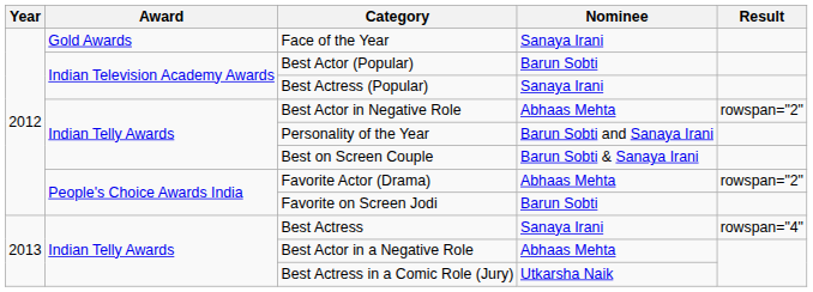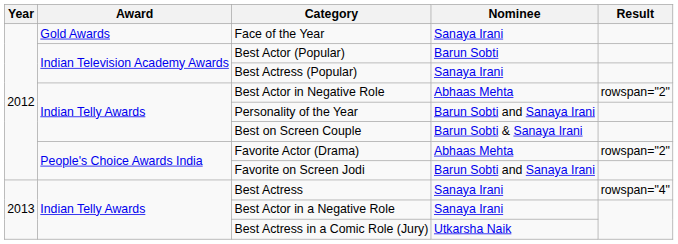 <table class="wikitable sortable">
 <tr>
 <th>Year</th>
 <th>Award</th>
 <th>Category</th>
 <th>Nominee</th>
 <th>Result</th>
 </tr>
 <tr>
 <td rowspan="8">2012</td>
 <td><a href='#'>Gold Awards</a></td>
 <td>Face of the Year</td>
 <td><a href='#'>Sanaya Irani</a></td>
 <td></td>
 </tr>
 <tr>
 <td rowspan="2"><a href='#'>Indian Television Academy Awards</a></td>
 <td>Best Actor (Popular)</td>
 <td><a href='#'>Barun Sobti</a></td>
 <td></td>
 </tr>
 <tr>
 <td>Best Actress (Popular)</td>
 <td><a href='#'>Sanaya Irani</a></td>
 <td></td>
 </tr>
 <tr>
 <td rowspan="3"><a href='#'>Indian Telly Awards</a></td>
 <td>Best Actor in Negative Role</td>
 <td><a href='#'>Abhaas Mehta</a></td>
 <td>rowspan="2" </td>
 </tr>
 <tr>
 <td>Personality of the Year</td>
 <td><a href='#'>Barun Sobti</a> and <a href='#'>Sanaya Irani</a></td>
 </tr>
 <tr>
 <td>Best on Screen Couple</td>
 <td><a href='#'>Barun Sobti</a> & <a href='#'>Sanaya Irani</a></td>
 <td></td>
 </tr>
 <tr>
 <td rowspan="2"><a href='#'>People's Choice Awards India</a></td>
 <td>Favorite Actor (Drama)</td>
 <td><a href='#'>Abhaas Mehta</a></td>
 <td>rowspan="2" </td>
 </tr>
 <tr>
 <td>Favorite on Screen Jodi</td>
-<td><a href='#'>Barun Sobti</a></td>
+<td><a href='#'>Barun Sobti</a> and <a href='#'>Sanaya Irani</a></td>
 </tr>
 <tr>
 <td rowspan="3">2013</td>
 <td rowspan="3"><a href='#'>Indian Telly Awards</a></td>
 <td>Best Actress</td>
 <td><a href='#'>Sanaya Irani</a></td>
 <td>rowspan="4" </td>
 </tr>
 <tr>
 <td>Best Actor in a Negative Role</td>
-<td><a href='#'>Abhaas Mehta</a></td>
+<td><a href='#'>Sanaya Irani</a></td>
 </tr>
 <tr>
 <td>Best Actress in a Comic Role (Jury)</td>
 <td><a href='#'>Utkarsha Naik</a></td>
 </tr>
 </table>
